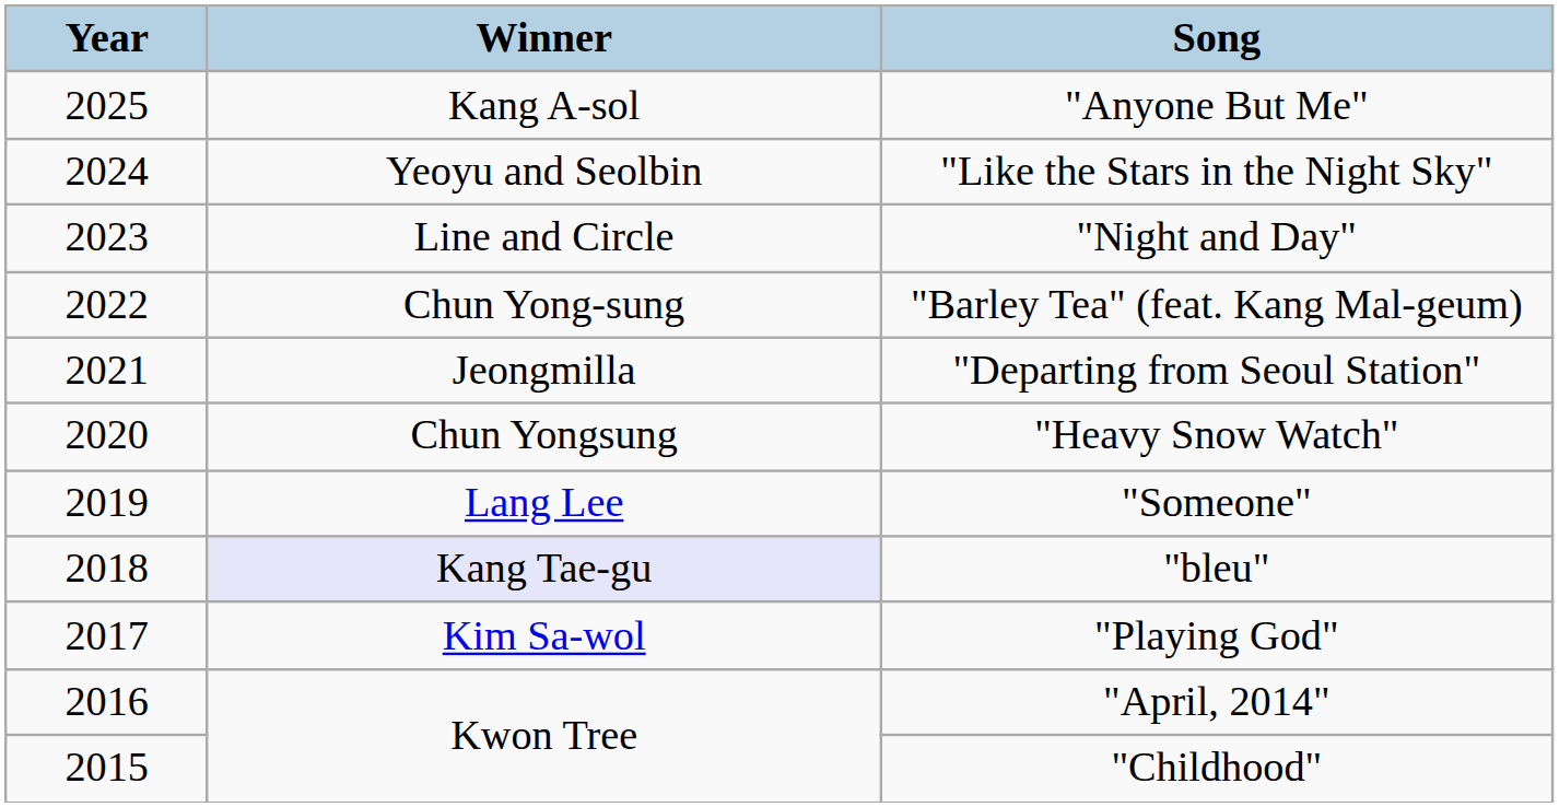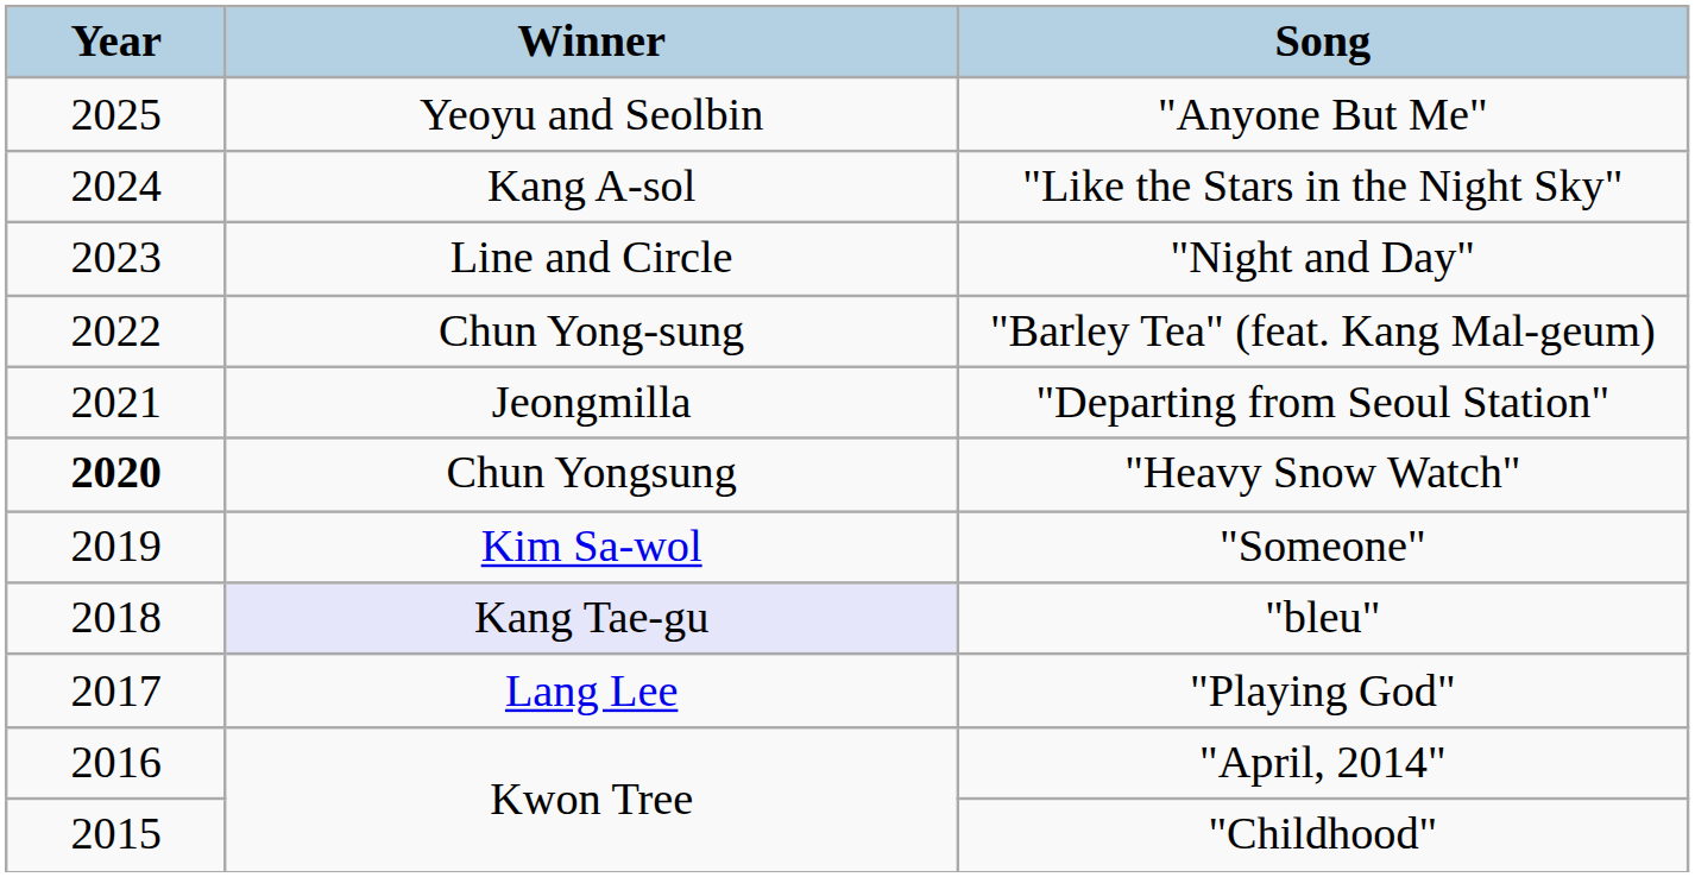 <table class="wikitable" style="text-align: center">
 <tr>
 <th width="70" style="background:#b3d1e3;">Year</th>
 <th width="250" style="background:#b3d1e3;">Winner</th>
 <th width="250" style="background:#b3d1e3;">Song</th>
 </tr>
 <tr>
 <td>2025</td>
-<td>Kang A-sol</td>
+<td>Yeoyu and Seolbin</td>
 <td>"Anyone But Me"</td>
 </tr>
 <tr>
 <td>2024</td>
-<td>Yeoyu and Seolbin</td>
+<td>Kang A-sol</td>
 <td>"Like the Stars in the Night Sky"</td>
 </tr>
 <tr>
 <td>2023</td>
 <td>Line and Circle</td>
 <td>"Night and Day"</td>
 </tr>
 <tr>
 <td>2022</td>
 <td>Chun Yong-sung</td>
 <td>"Barley Tea" (feat. Kang Mal-geum)</td>
 </tr>
 <tr>
 <td>2021</td>
 <td>Jeongmilla</td>
 <td>"Departing from Seoul Station"</td>
 </tr>
 <tr>
-<td>2020</td>
+<td><strong>2020</strong></td>
 <td>Chun Yongsung</td>
 <td>"Heavy Snow Watch"</td>
 </tr>
 <tr>
 <td>2019</td>
-<td><a href='#'>Lang Lee</a></td>
+<td><a href='#'>Kim Sa-wol</a></td>
 <td>"Someone"</td>
 </tr>
 <tr>
 <td>2018</td>
 <td style="background: lavender;">Kang Tae-gu</td>
 <td>"bleu"</td>
 </tr>
 <tr>
 <td>2017</td>
-<td><a href='#'>Kim Sa-wol</a></td>
+<td><a href='#'>Lang Lee</a></td>
 <td>"Playing God"</td>
 </tr>
 <tr>
 <td>2016</td>
 <td rowspan="2">Kwon Tree</td>
 <td>"April, 2014"</td>
 </tr>
 <tr>
 <td>2015</td>
 <td>"Childhood"</td>
 </tr>
 </table>
